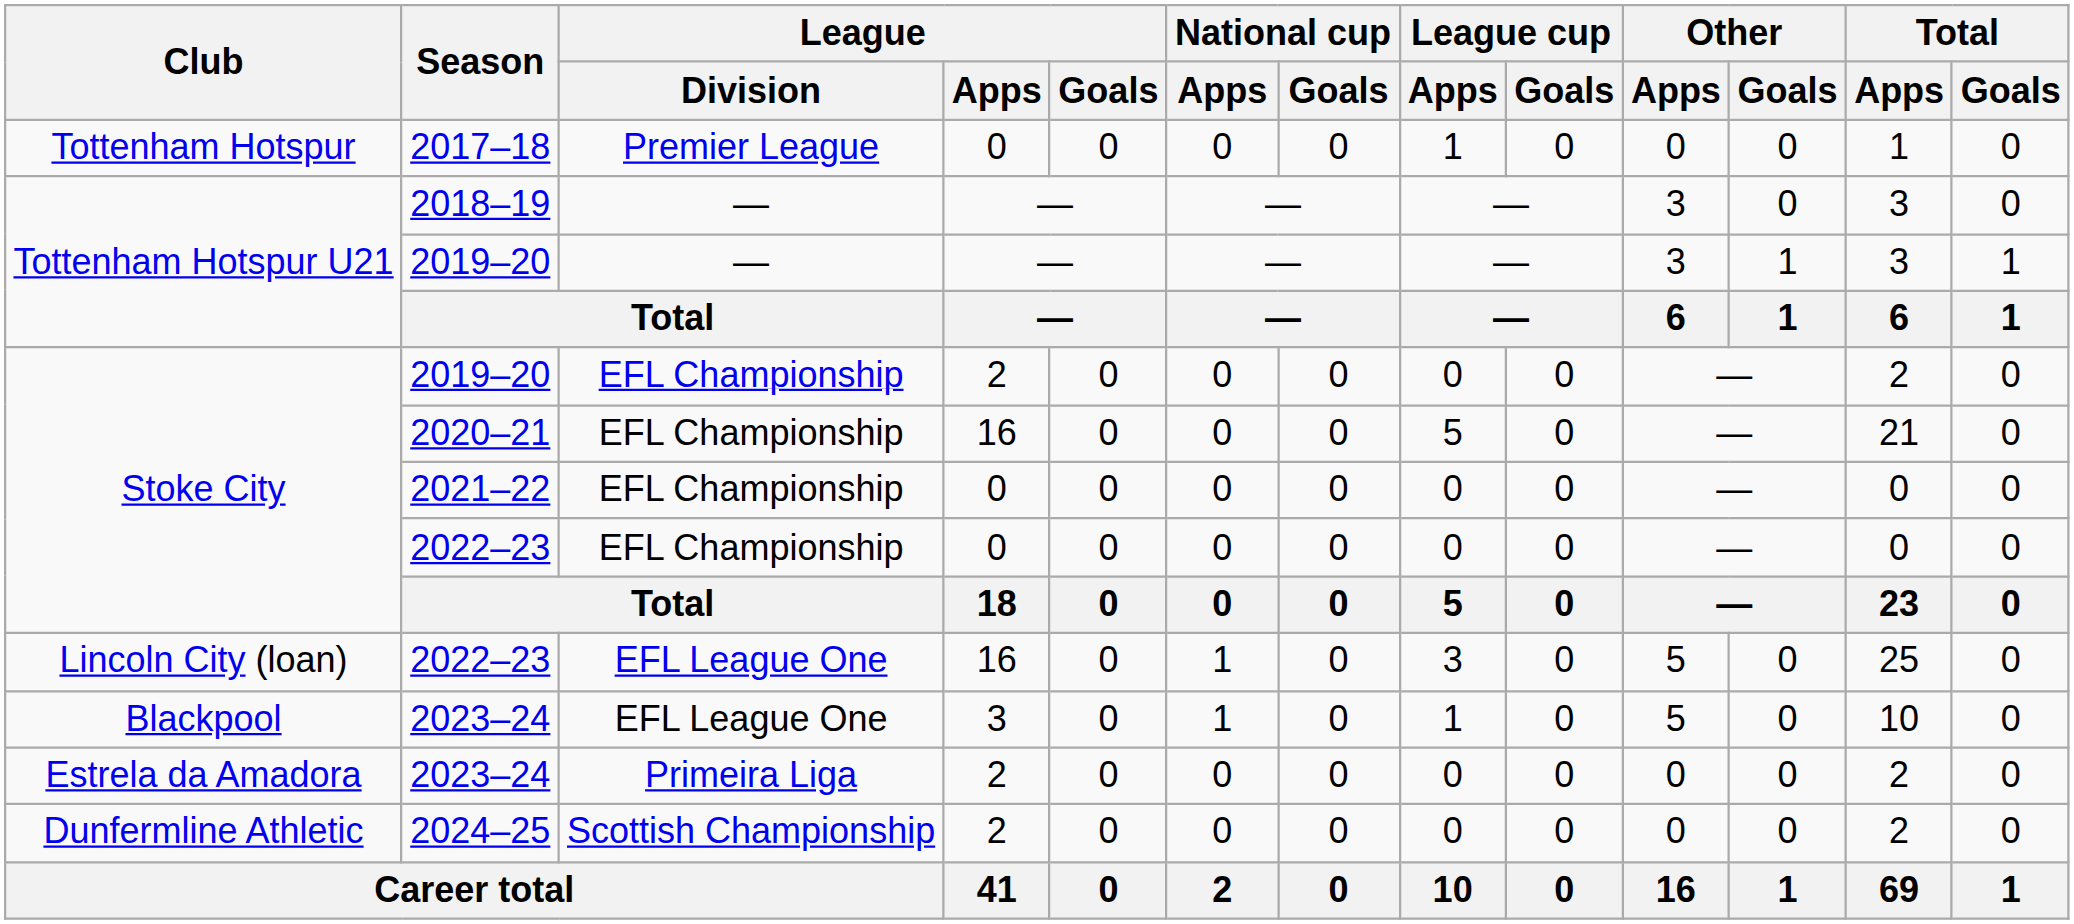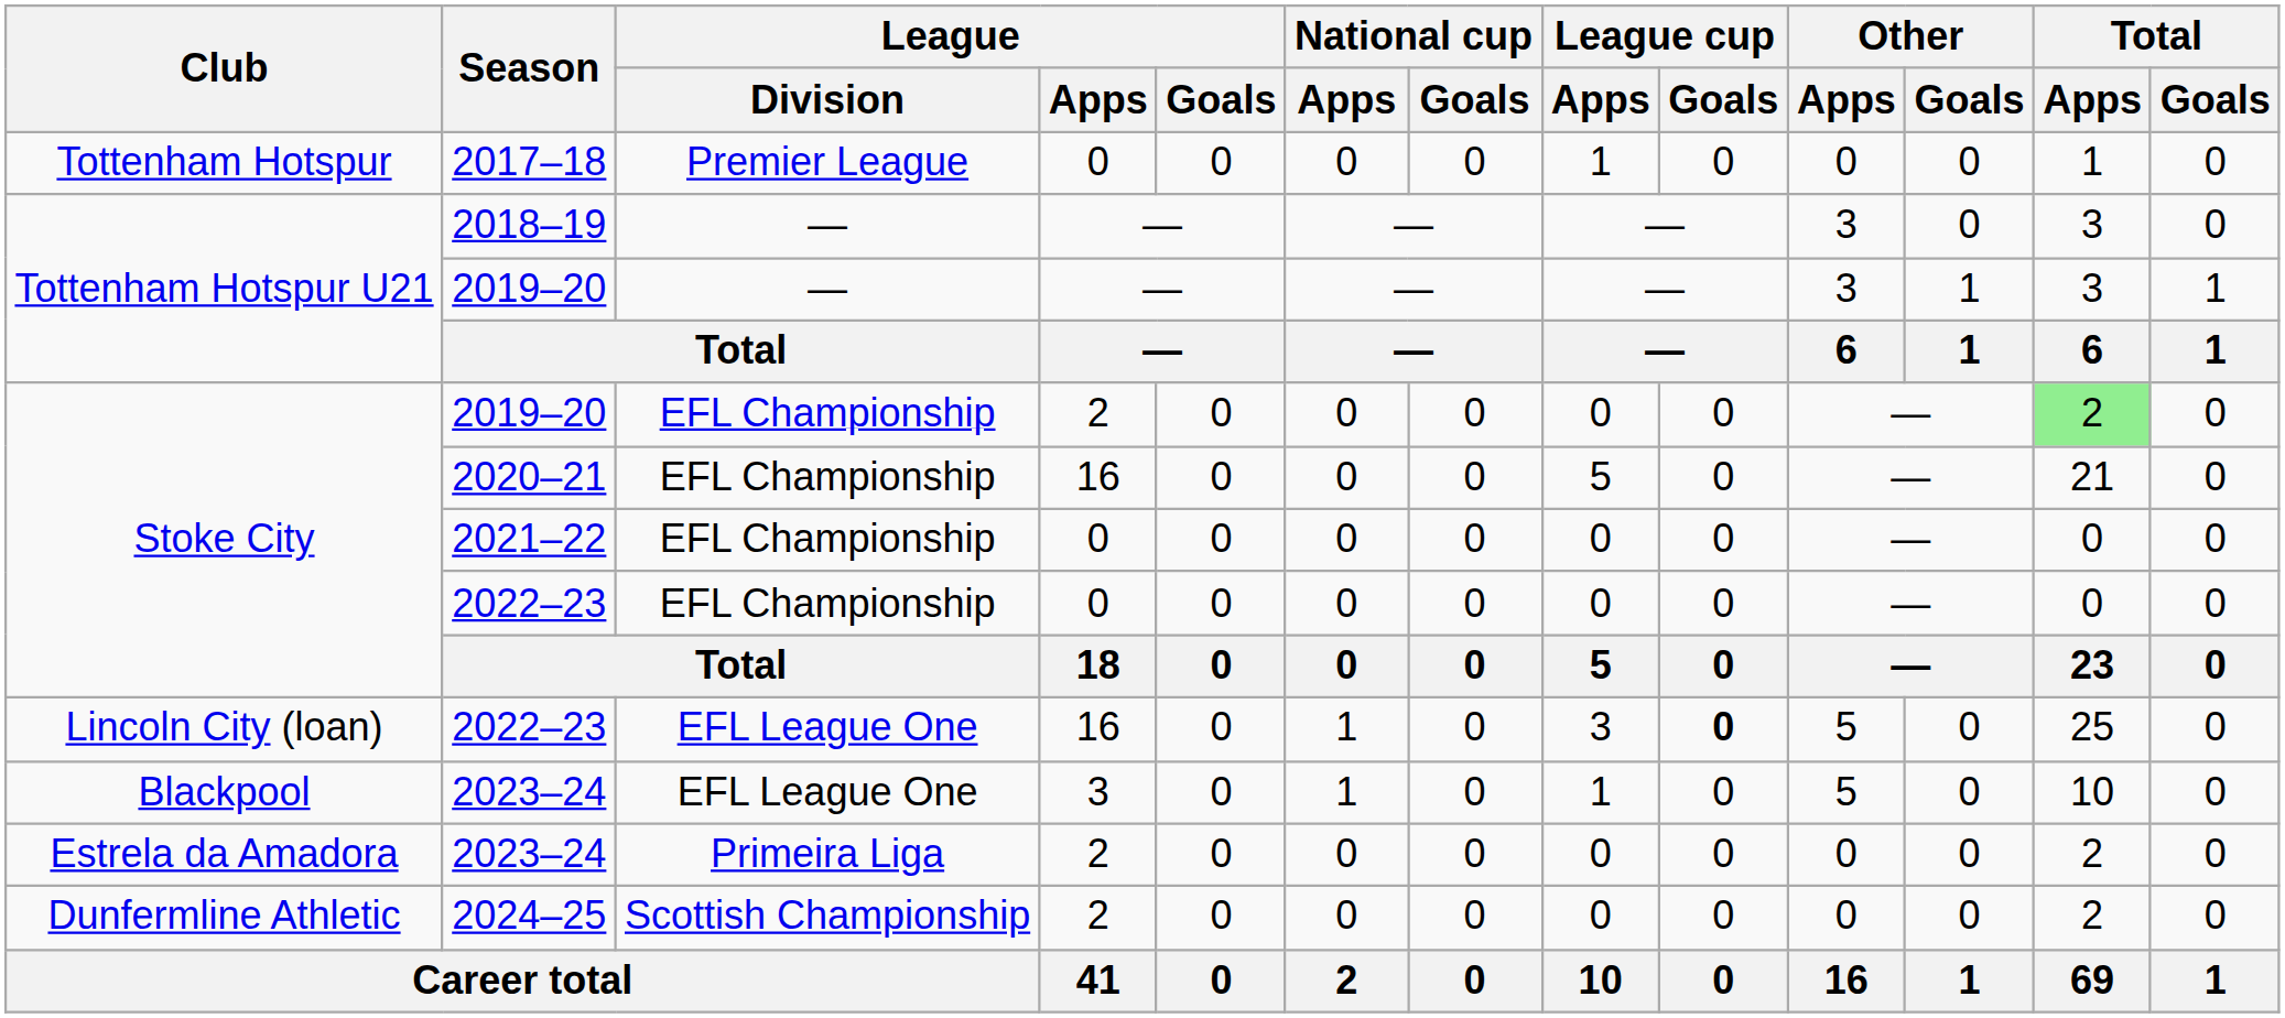 <table class=wikitable style="text-align: center;">
 <tr>
 <th rowspan=2>Club</th>
 <th rowspan=2>Season</th>
 <th colspan=3>League</th>
 <th colspan=2>National cup</th>
 <th colspan=2>League cup</th>
 <th colspan=2>Other</th>
 <th colspan=2>Total</th>
 </tr>
 <tr>
 <th>Division</th>
 <th>Apps</th>
 <th>Goals</th>
 <th>Apps</th>
 <th>Goals</th>
 <th>Apps</th>
 <th>Goals</th>
 <th>Apps</th>
 <th>Goals</th>
 <th>Apps</th>
 <th>Goals</th>
 </tr>
 <tr>
 <td><a href='#'>Tottenham Hotspur</a></td>
 <td><a href='#'>2017–18</a></td>
 <td><a href='#'>Premier League</a></td>
 <td>0</td>
 <td>0</td>
 <td>0</td>
 <td>0</td>
 <td>1</td>
 <td>0</td>
 <td>0</td>
 <td>0</td>
 <td>1</td>
 <td>0</td>
 </tr>
 <tr>
 <td rowspan=3><a href='#'>Tottenham Hotspur U21</a></td>
 <td><a href='#'>2018–19</a></td>
 <td colspan=1>—</td>
 <td colspan=2>—</td>
 <td colspan=2>—</td>
 <td colspan=2>—</td>
 <td>3</td>
 <td>0</td>
 <td>3</td>
 <td>0</td>
 </tr>
 <tr>
 <td><a href='#'>2019–20</a></td>
 <td colspan=1>—</td>
 <td colspan=2>—</td>
 <td colspan=2>—</td>
 <td colspan=2>—</td>
 <td>3</td>
 <td>1</td>
 <td>3</td>
 <td>1</td>
 </tr>
 <tr>
 <th colspan=2>Total</th>
 <th colspan=2>—</th>
 <th colspan=2>—</th>
 <th colspan=2>—</th>
 <th>6</th>
 <th>1</th>
 <th>6</th>
 <th>1</th>
 </tr>
 <tr>
 <td rowspan=5><a href='#'>Stoke City</a></td>
 <td><a href='#'>2019–20</a></td>
 <td><a href='#'>EFL Championship</a></td>
 <td>2</td>
 <td>0</td>
 <td>0</td>
 <td>0</td>
 <td>0</td>
 <td>0</td>
 <td colspan=2>—</td>
-<td>2</td>
+<td style="background: lightgreen;">2</td>
 <td>0</td>
 </tr>
 <tr>
 <td><a href='#'>2020–21</a></td>
 <td>EFL Championship</td>
 <td>16</td>
 <td>0</td>
 <td>0</td>
 <td>0</td>
 <td>5</td>
 <td>0</td>
 <td colspan=2>—</td>
 <td>21</td>
 <td>0</td>
 </tr>
 <tr>
 <td><a href='#'>2021–22</a></td>
 <td>EFL Championship</td>
 <td>0</td>
 <td>0</td>
 <td>0</td>
 <td>0</td>
 <td>0</td>
 <td>0</td>
 <td colspan=2>—</td>
 <td>0</td>
 <td>0</td>
 </tr>
 <tr>
 <td><a href='#'>2022–23</a></td>
 <td>EFL Championship</td>
 <td>0</td>
 <td>0</td>
 <td>0</td>
 <td>0</td>
 <td>0</td>
 <td>0</td>
 <td colspan=2>—</td>
 <td>0</td>
 <td>0</td>
 </tr>
 <tr>
 <th colspan=2>Total</th>
 <th>18</th>
 <th>0</th>
 <th>0</th>
 <th>0</th>
 <th>5</th>
 <th>0</th>
 <th colspan=2>—</th>
 <th>23</th>
 <th>0</th>
 </tr>
 <tr>
 <td><a href='#'>Lincoln City</a> (loan)</td>
 <td><a href='#'>2022–23</a></td>
 <td><a href='#'>EFL League One</a></td>
 <td>16</td>
 <td>0</td>
 <td>1</td>
 <td>0</td>
 <td>3</td>
-<td>0</td>
+<td><strong>0</strong></td>
 <td>5</td>
 <td>0</td>
 <td>25</td>
 <td>0</td>
 </tr>
 <tr>
 <td><a href='#'>Blackpool</a></td>
 <td><a href='#'>2023–24</a></td>
 <td>EFL League One</td>
 <td>3</td>
 <td>0</td>
 <td>1</td>
 <td>0</td>
 <td>1</td>
 <td>0</td>
 <td>5</td>
 <td>0</td>
 <td>10</td>
 <td>0</td>
 </tr>
 <tr>
 <td><a href='#'>Estrela da Amadora</a></td>
 <td><a href='#'>2023–24</a></td>
 <td><a href='#'>Primeira Liga</a></td>
 <td>2</td>
 <td>0</td>
 <td>0</td>
 <td>0</td>
 <td>0</td>
 <td>0</td>
 <td>0</td>
 <td>0</td>
 <td>2</td>
 <td>0</td>
 </tr>
 <tr>
 <td><a href='#'>Dunfermline Athletic</a></td>
 <td><a href='#'>2024–25</a></td>
 <td><a href='#'>Scottish Championship</a></td>
 <td>2</td>
 <td>0</td>
 <td>0</td>
 <td>0</td>
 <td>0</td>
 <td>0</td>
 <td>0</td>
 <td>0</td>
 <td>2</td>
 <td>0</td>
 </tr>
 <tr>
 <th colspan="3">Career total</th>
 <th>41</th>
 <th>0</th>
 <th>2</th>
 <th>0</th>
 <th>10</th>
 <th>0</th>
 <th>16</th>
 <th>1</th>
 <th>69</th>
 <th>1</th>
 </tr>
 </table>
